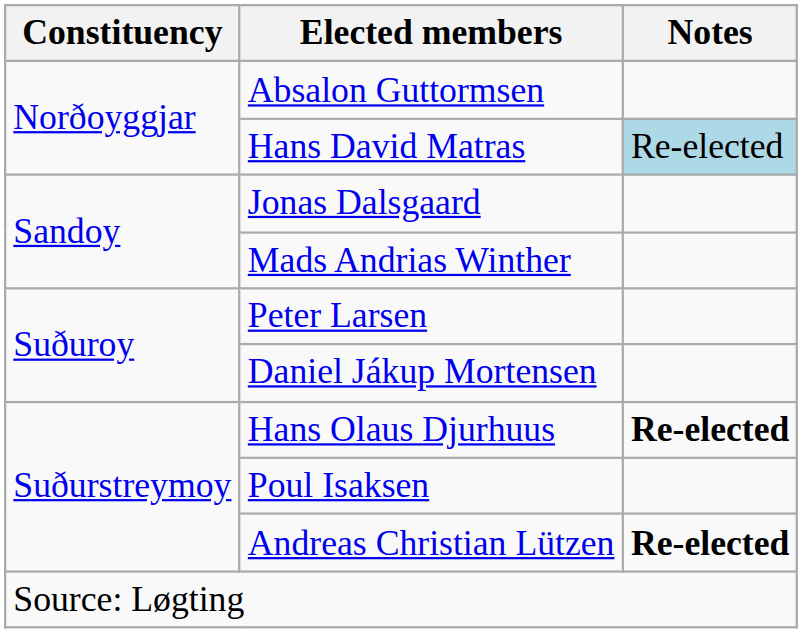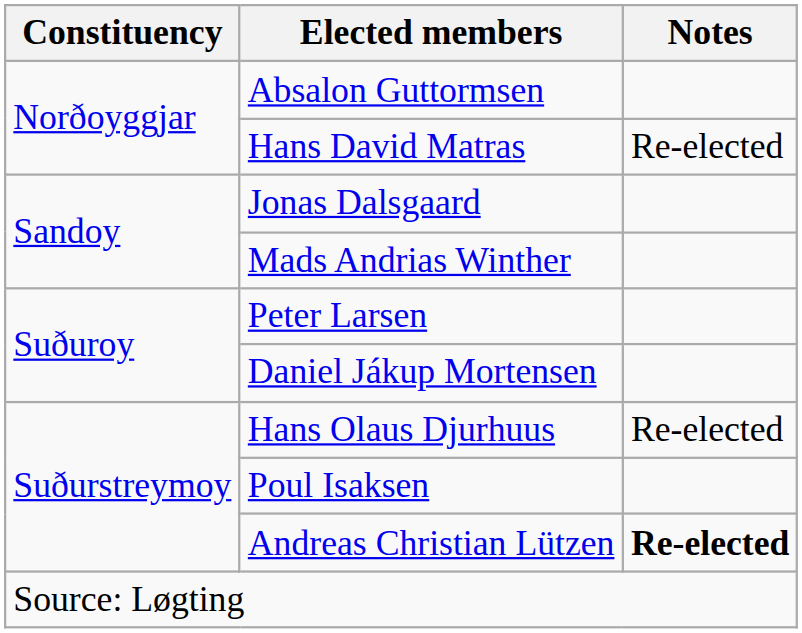 <table class=wikitable>
 <tr>
 <th>Constituency</th>
 <th>Elected members</th>
 <th>Notes</th>
 </tr>
 <tr>
 <td rowspan=2><a href='#'>Norðoyggjar</a></td>
 <td><a href='#'>Absalon Guttormsen</a></td>
 <td></td>
 </tr>
 <tr>
 <td><a href='#'>Hans David Matras</a></td>
-<td style="background: lightblue;">Re-elected</td>
+<td>Re-elected</td>
 </tr>
 <tr>
 <td rowspan=2><a href='#'>Sandoy</a></td>
 <td><a href='#'>Jonas Dalsgaard</a></td>
 <td></td>
 </tr>
 <tr>
 <td><a href='#'>Mads Andrias Winther</a></td>
 <td></td>
 </tr>
 <tr>
 <td rowspan=2><a href='#'>Suðuroy</a></td>
 <td><a href='#'>Peter Larsen</a></td>
 <td></td>
 </tr>
 <tr>
 <td><a href='#'>Daniel Jákup Mortensen</a></td>
 <td></td>
 </tr>
 <tr>
 <td rowspan=3><a href='#'>Suðurstreymoy</a></td>
 <td><a href='#'>Hans Olaus Djurhuus</a></td>
-<td><strong>Re-elected</strong></td>
+<td>Re-elected</td>
 </tr>
 <tr>
 <td><a href='#'>Poul Isaksen</a></td>
 <td></td>
 </tr>
 <tr>
 <td><a href='#'>Andreas Christian Lützen</a></td>
 <td><strong>Re-elected</strong></td>
 </tr>
 <tr>
 <td colspan=3>Source: Løgting</td>
 </tr>
 </table>
